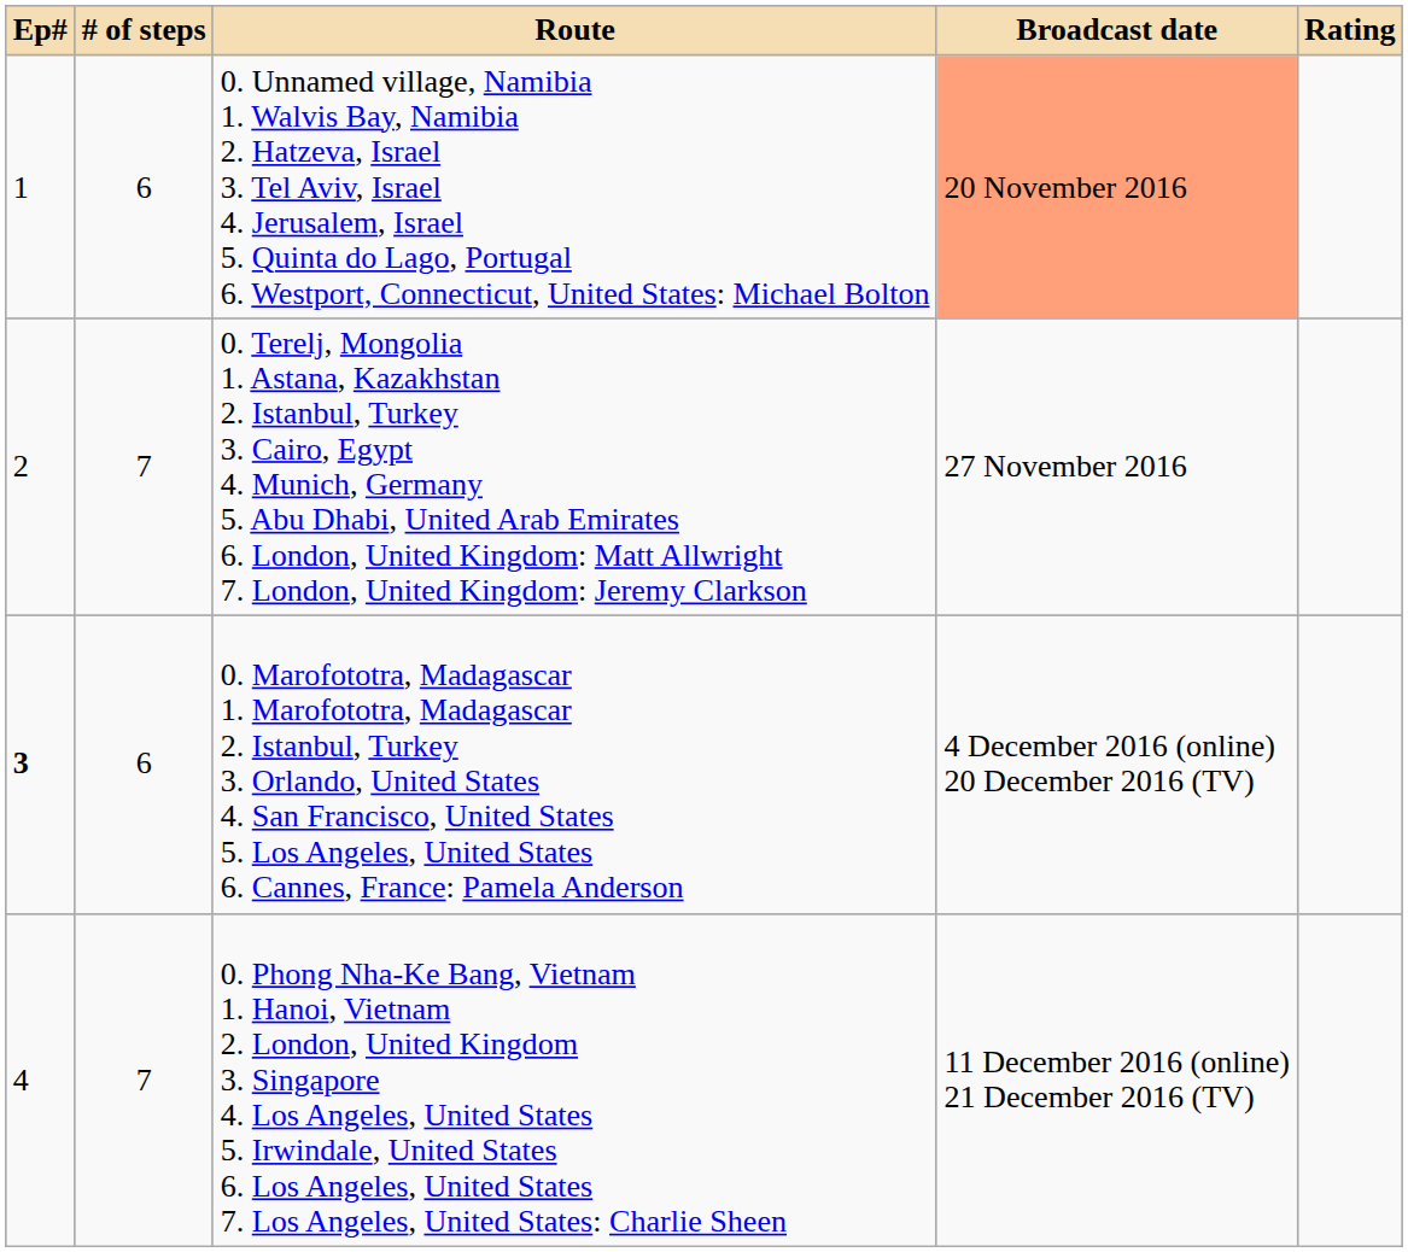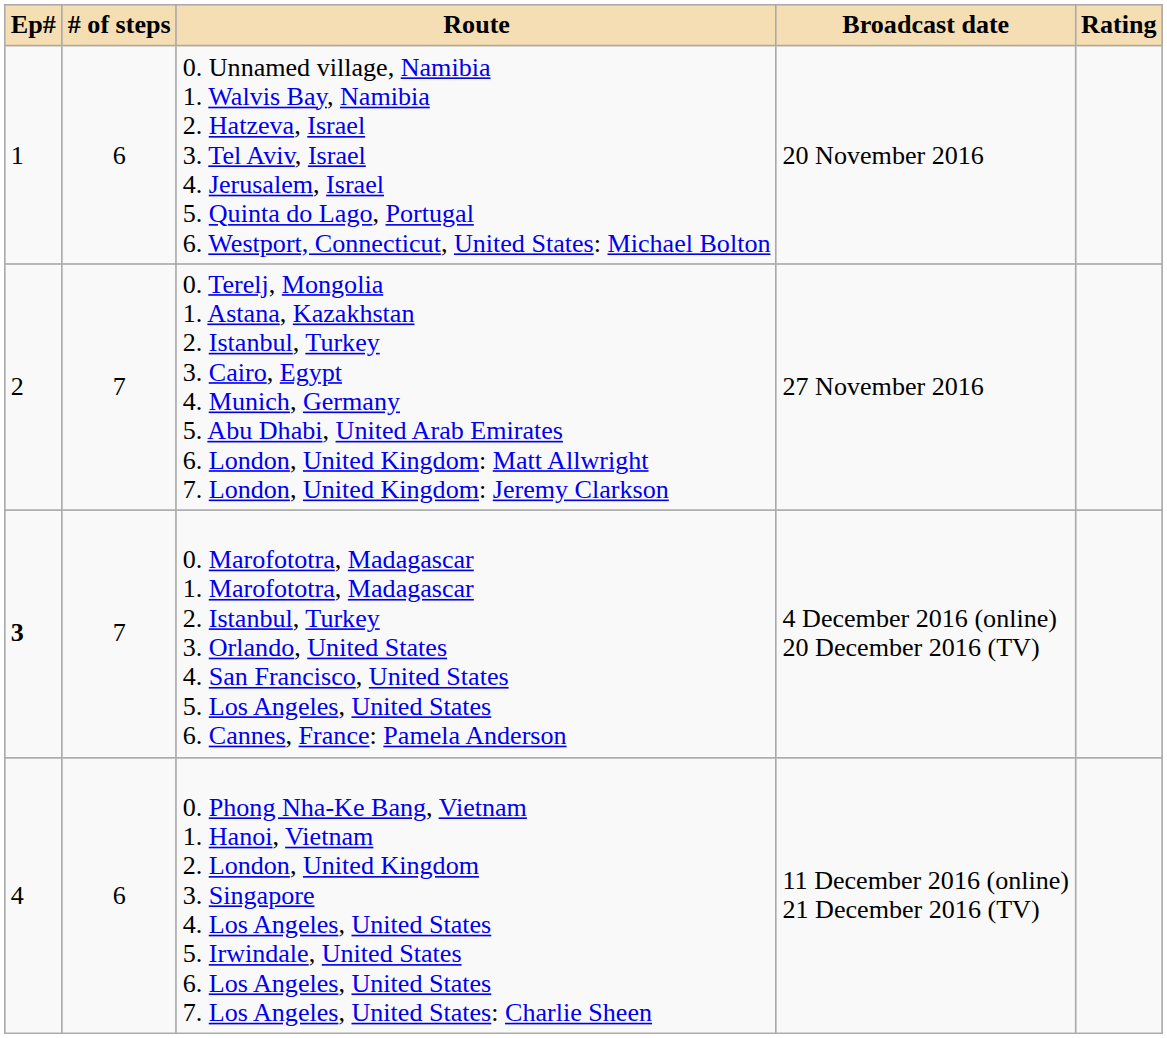 <table class="wikitable">
 <tr>
 <th style="background:wheat;">Ep#</th>
 <th style="background:wheat;"># of steps</th>
 <th style="background:wheat;">Route</th>
 <th style="background:wheat;">Broadcast date</th>
 <th style="background:wheat;">Rating</th>
 </tr>
 <tr>
 <td>1</td>
 <td align=center>6</td>
 <td>0. Unnamed village, <a href='#'>Namibia</a><br> 1. <a href='#'>Walvis Bay</a>, <a href='#'>Namibia</a> <br> 2. <a href='#'>Hatzeva</a>, <a href='#'>Israel</a>  <br> 3. <a href='#'>Tel Aviv</a>, <a href='#'>Israel</a> <br> 4. <a href='#'>Jerusalem</a>, <a href='#'>Israel</a> <br> 5. <a href='#'>Quinta do Lago</a>, <a href='#'>Portugal</a> <br> 6. <a href='#'>Westport, Connecticut</a>, <a href='#'>United States</a>: <a href='#'>Michael Bolton</a> <br></td>
-<td style="background: lightsalmon;">20 November 2016</td>
+<td>20 November 2016</td>
 <td></td>
 </tr>
 <tr>
 <td>2</td>
 <td align=center>7</td>
 <td>0. <a href='#'>Terelj</a>, <a href='#'>Mongolia</a><br> 1. <a href='#'>Astana</a>, <a href='#'>Kazakhstan</a> <br> 2. <a href='#'>Istanbul</a>, <a href='#'>Turkey</a>  <br> 3. <a href='#'>Cairo</a>, <a href='#'>Egypt</a> <br> 4. <a href='#'>Munich</a>, <a href='#'>Germany</a> <br> 5. <a href='#'>Abu Dhabi</a>, <a href='#'>United Arab Emirates</a> <br> 6. <a href='#'>London</a>, <a href='#'>United Kingdom</a>: <a href='#'>Matt Allwright</a> <br> 7. <a href='#'>London</a>, <a href='#'>United Kingdom</a>: <a href='#'>Jeremy Clarkson</a> <br></td>
 <td>27 November 2016</td>
 <td></td>
 </tr>
 <tr>
 <td><strong>3</strong></td>
-<td align=center>6</td>
+<td align=center>7</td>
 <td><br>0. <a href='#'>Marofototra</a>, <a href='#'>Madagascar</a> <br>  1. <a href='#'>Marofototra</a>, <a href='#'>Madagascar</a> <br>  2. <a href='#'>Istanbul</a>, <a href='#'>Turkey</a> <br>  3. <a href='#'>Orlando</a>, <a href='#'>United States</a> <br>  4. <a href='#'>San Francisco</a>, <a href='#'>United States</a> <br>  5. <a href='#'>Los Angeles</a>, <a href='#'>United States</a> <br>  6. <a href='#'>Cannes</a>, <a href='#'>France</a>: <a href='#'>Pamela Anderson</a> <br></td>
 <td>4 December 2016 (online) <br> 20 December 2016 (TV)</td>
 <td></td>
 </tr>
 <tr>
 <td>4</td>
-<td align=center>7</td>
+<td align=center>6</td>
 <td><br>0. <a href='#'>Phong Nha-Ke Bang</a>, <a href='#'>Vietnam</a> <br>  1. <a href='#'>Hanoi</a>, <a href='#'>Vietnam</a> <br>  2. <a href='#'>London</a>, <a href='#'>United Kingdom</a> <br>  3. <a href='#'>Singapore</a> <br>  4. <a href='#'>Los Angeles</a>, <a href='#'>United States</a> <br>  5. <a href='#'>Irwindale</a>, <a href='#'>United States</a> <br>  6. <a href='#'>Los Angeles</a>, <a href='#'>United States</a> <br> 7. <a href='#'>Los Angeles</a>, <a href='#'>United States</a>: <a href='#'>Charlie Sheen</a> <br></td>
 <td>11 December 2016 (online) <br> 21 December 2016 (TV)</td>
 <td></td>
 </tr>
 </table>
